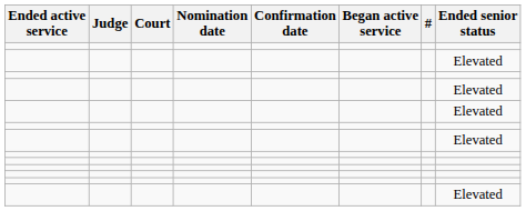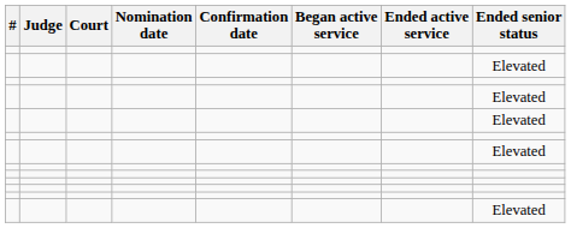 <table class="sortable wikitable">
 <tr bgcolor="#ececec">
-<th>Ended active<br>service</th>
+<th>#</th>
 <th>Judge</th>
 <th>Court<br></th>
 <th>Nomination<br>date</th>
 <th>Confirmation<br>date</th>
 <th>Began active<br>service</th>
-<th>#</th>
+<th>Ended active<br>service</th>
 <th>Ended senior<br>status</th>
 </tr>
 <tr>
 <td></td>
 <td></td>
 <td></td>
 <td></td>
 <td></td>
 <td></td>
 <td></td>
 <td align="center"></td>
 </tr>
 <tr>
 <td></td>
 <td></td>
 <td></td>
 <td></td>
 <td></td>
 <td></td>
 <td></td>
 <td align="center">Elevated</td>
 </tr>
 <tr>
 <td></td>
 <td></td>
 <td></td>
 <td></td>
 <td></td>
 <td></td>
 <td></td>
 <td align="center"></td>
 </tr>
 <tr>
 <td></td>
 <td></td>
 <td></td>
 <td></td>
 <td></td>
 <td></td>
 <td></td>
 <td align="center">Elevated</td>
 </tr>
 <tr>
 <td></td>
 <td></td>
 <td></td>
 <td></td>
 <td></td>
 <td></td>
 <td></td>
 <td align="center">Elevated</td>
 </tr>
 <tr>
 <td></td>
 <td></td>
 <td></td>
 <td></td>
 <td></td>
 <td></td>
 <td></td>
 <td align="center"></td>
 </tr>
 <tr>
 <td></td>
 <td></td>
 <td></td>
 <td></td>
 <td></td>
 <td></td>
 <td></td>
 <td align="center">Elevated</td>
 </tr>
 <tr>
 <td></td>
 <td></td>
 <td></td>
 <td></td>
 <td></td>
 <td></td>
 <td></td>
 <td align="center"></td>
 </tr>
 <tr>
 <td></td>
 <td></td>
 <td></td>
 <td></td>
 <td></td>
 <td></td>
 <td></td>
 <td align="center"></td>
 </tr>
 <tr>
 <td></td>
 <td></td>
 <td></td>
 <td></td>
 <td></td>
 <td></td>
 <td></td>
 <td align="center"></td>
 </tr>
 <tr>
 <td></td>
 <td></td>
 <td></td>
 <td></td>
 <td></td>
 <td></td>
 <td></td>
 <td align="center"></td>
 </tr>
 <tr>
 <td></td>
 <td></td>
 <td></td>
 <td></td>
 <td></td>
 <td></td>
 <td></td>
 <td align="center"></td>
 </tr>
 <tr>
 <td></td>
 <td></td>
 <td></td>
 <td></td>
 <td></td>
 <td></td>
 <td></td>
 <td align="center">Elevated</td>
 </tr>
 </table>
